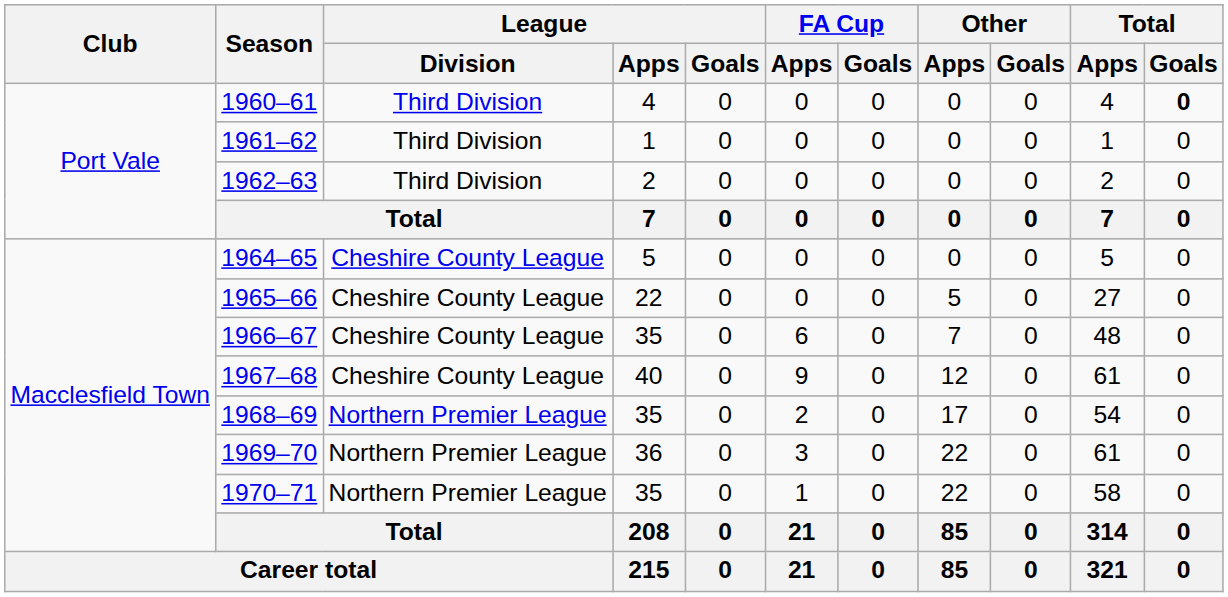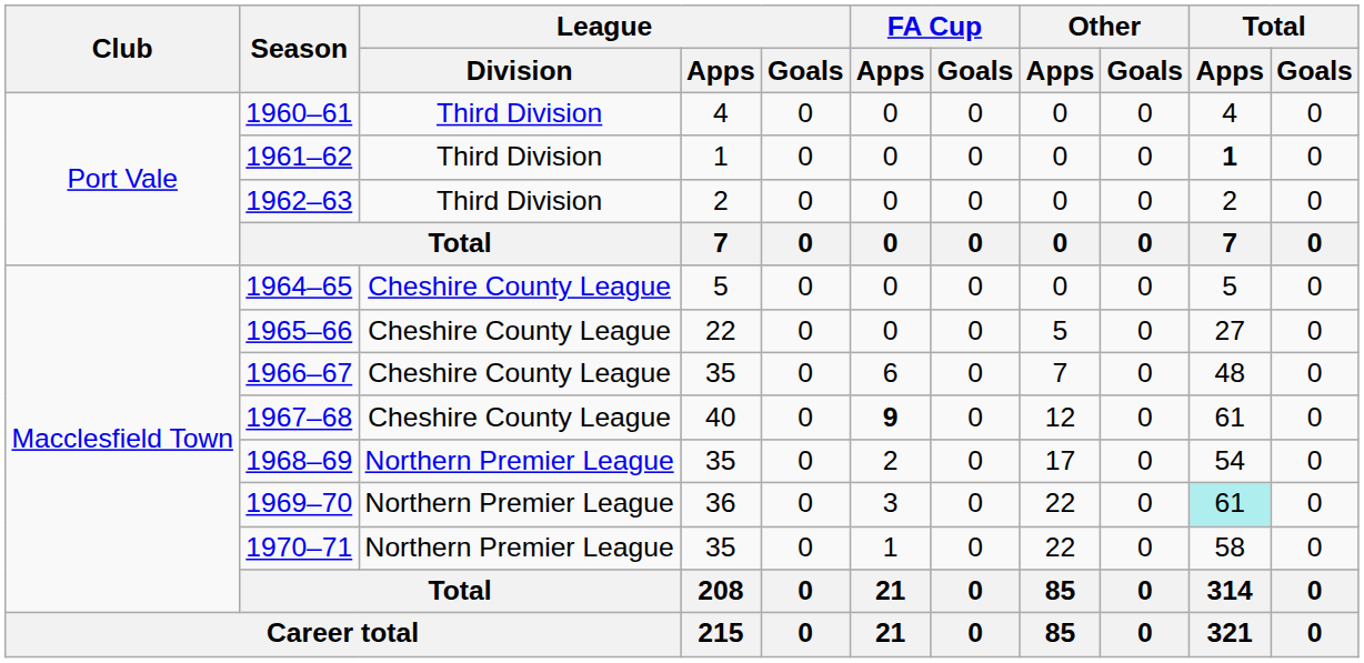 <table class="wikitable" style="text-align:center">
 <tr>
 <th rowspan="2">Club</th>
 <th rowspan="2">Season</th>
 <th colspan="3">League</th>
 <th colspan="2"><a href='#'>FA Cup</a></th>
 <th colspan="2">Other</th>
 <th colspan="2">Total</th>
 </tr>
 <tr>
 <th>Division</th>
 <th>Apps</th>
 <th>Goals</th>
 <th>Apps</th>
 <th>Goals</th>
 <th>Apps</th>
 <th>Goals</th>
 <th>Apps</th>
 <th>Goals</th>
 </tr>
 <tr>
 <td rowspan="4"><a href='#'>Port Vale</a></td>
 <td><a href='#'>1960–61</a></td>
 <td><a href='#'>Third Division</a></td>
 <td>4</td>
 <td>0</td>
 <td>0</td>
 <td>0</td>
 <td>0</td>
 <td>0</td>
 <td>4</td>
-<td><strong>0</strong></td>
+<td>0</td>
 </tr>
 <tr>
 <td><a href='#'>1961–62</a></td>
 <td>Third Division</td>
 <td>1</td>
 <td>0</td>
 <td>0</td>
 <td>0</td>
 <td>0</td>
 <td>0</td>
-<td>1</td>
+<td><strong>1</strong></td>
 <td>0</td>
 </tr>
 <tr>
 <td><a href='#'>1962–63</a></td>
 <td>Third Division</td>
 <td>2</td>
 <td>0</td>
 <td>0</td>
 <td>0</td>
 <td>0</td>
 <td>0</td>
 <td>2</td>
 <td>0</td>
 </tr>
 <tr>
 <th colspan="2">Total</th>
 <th>7</th>
 <th>0</th>
 <th>0</th>
 <th>0</th>
 <th>0</th>
 <th>0</th>
 <th>7</th>
 <th>0</th>
 </tr>
 <tr>
 <td rowspan="8"><a href='#'>Macclesfield Town</a></td>
 <td><a href='#'>1964–65</a></td>
 <td><a href='#'>Cheshire County League</a></td>
 <td>5</td>
 <td>0</td>
 <td>0</td>
 <td>0</td>
 <td>0</td>
 <td>0</td>
 <td>5</td>
 <td>0</td>
 </tr>
 <tr>
 <td><a href='#'>1965–66</a></td>
 <td>Cheshire County League</td>
 <td>22</td>
 <td>0</td>
 <td>0</td>
 <td>0</td>
 <td>5</td>
 <td>0</td>
 <td>27</td>
 <td>0</td>
 </tr>
 <tr>
 <td><a href='#'>1966–67</a></td>
 <td>Cheshire County League</td>
 <td>35</td>
 <td>0</td>
 <td>6</td>
 <td>0</td>
 <td>7</td>
 <td>0</td>
 <td>48</td>
 <td>0</td>
 </tr>
 <tr>
 <td><a href='#'>1967–68</a></td>
 <td>Cheshire County League</td>
 <td>40</td>
 <td>0</td>
-<td>9</td>
+<td><strong>9</strong></td>
 <td>0</td>
 <td>12</td>
 <td>0</td>
 <td>61</td>
 <td>0</td>
 </tr>
 <tr>
 <td><a href='#'>1968–69</a></td>
 <td><a href='#'>Northern Premier League</a></td>
 <td>35</td>
 <td>0</td>
 <td>2</td>
 <td>0</td>
 <td>17</td>
 <td>0</td>
 <td>54</td>
 <td>0</td>
 </tr>
 <tr>
 <td><a href='#'>1969–70</a></td>
 <td>Northern Premier League</td>
 <td>36</td>
 <td>0</td>
 <td>3</td>
 <td>0</td>
 <td>22</td>
 <td>0</td>
-<td>61</td>
+<td style="background: paleturquoise;">61</td>
 <td>0</td>
 </tr>
 <tr>
 <td><a href='#'>1970–71</a></td>
 <td>Northern Premier League</td>
 <td>35</td>
 <td>0</td>
 <td>1</td>
 <td>0</td>
 <td>22</td>
 <td>0</td>
 <td>58</td>
 <td>0</td>
 </tr>
 <tr>
 <th colspan="2">Total</th>
 <th>208</th>
 <th>0</th>
 <th>21</th>
 <th>0</th>
 <th>85</th>
 <th>0</th>
 <th>314</th>
 <th>0</th>
 </tr>
 <tr>
 <th colspan="3">Career total</th>
 <th>215</th>
 <th>0</th>
 <th>21</th>
 <th>0</th>
 <th>85</th>
 <th>0</th>
 <th>321</th>
 <th>0</th>
 </tr>
 </table>
